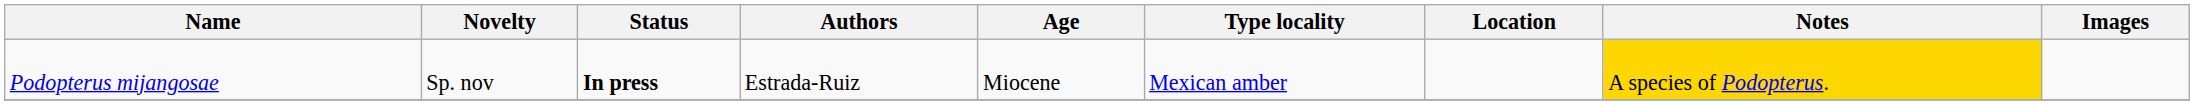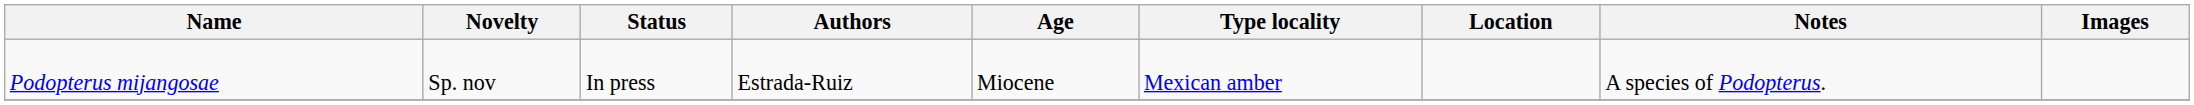 <table class="wikitable sortable" align="center" width="100%">
 <tr>
 <th>Name</th>
 <th>Novelty</th>
 <th>Status</th>
 <th>Authors</th>
 <th>Age</th>
 <th>Type locality</th>
 <th>Location</th>
 <th>Notes</th>
 <th>Images</th>
 </tr>
 <tr>
 <td><br><em><a href='#'>Podopterus mijangosae</a></em></td>
 <td><br>Sp. nov</td>
-<td><strong><br>In press</strong></td>
+<td><br>In press</td>
 <td><br>Estrada-Ruiz</td>
 <td><br>Miocene</td>
 <td><br><a href='#'>Mexican amber</a></td>
 <td><br></td>
-<td style="background: gold;"><br>A species of <em><a href='#'>Podopterus</a></em>.</td>
+<td><br>A species of <em><a href='#'>Podopterus</a></em>.</td>
 <td></td>
 </tr>
 <tr>
 </tr>
 </table>
